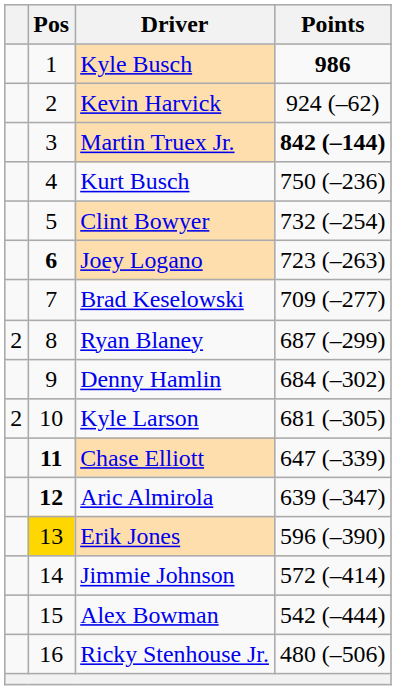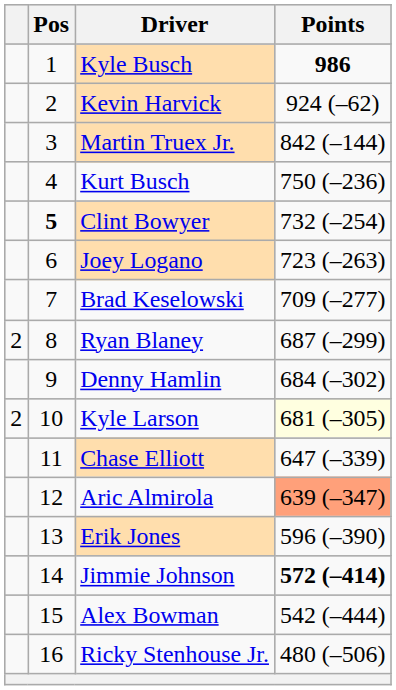 <table class="wikitable" style="font-size: 95%">
 <tr>
 <th></th>
 <th>Pos</th>
 <th>Driver</th>
 <th>Points</th>
 </tr>
 <tr>
 <td align="left"></td>
 <td style="text-align:center;">1</td>
 <td style="background:#FFDEAD;"><a href='#'>Kyle Busch</a></td>
 <td style="text-align:center;"><strong>986</strong></td>
 </tr>
 <tr>
 <td align="left"></td>
 <td style="text-align:center;">2</td>
 <td style="background:#FFDEAD;"><a href='#'>Kevin Harvick</a></td>
 <td style="text-align:center;">924 (–62)</td>
 </tr>
 <tr>
 <td align="left"></td>
 <td style="text-align:center;">3</td>
 <td style="background:#FFDEAD;"><a href='#'>Martin Truex Jr.</a></td>
-<td style="text-align:center;"><strong>842 (–144)</strong></td>
+<td style="text-align:center;">842 (–144)</td>
 </tr>
 <tr>
 <td align="left"></td>
 <td style="text-align:center;">4</td>
 <td><a href='#'>Kurt Busch</a></td>
 <td style="text-align:center;">750 (–236)</td>
 </tr>
 <tr>
 <td align="left"></td>
-<td style="text-align:center;">5</td>
+<td style="text-align:center;"><strong>5</strong></td>
 <td style="background:#FFDEAD;"><a href='#'>Clint Bowyer</a></td>
 <td style="text-align:center;">732 (–254)</td>
 </tr>
 <tr>
 <td align="left"></td>
-<td style="text-align:center;"><strong>6</strong></td>
+<td style="text-align:center;">6</td>
 <td style="background:#FFDEAD;"><a href='#'>Joey Logano</a></td>
 <td style="text-align:center;">723 (–263)</td>
 </tr>
 <tr>
 <td align="left"></td>
 <td style="text-align:center;">7</td>
 <td><a href='#'>Brad Keselowski</a></td>
 <td style="text-align:center;">709 (–277)</td>
 </tr>
 <tr>
 <td align="left"> 2</td>
 <td style="text-align:center;">8</td>
 <td><a href='#'>Ryan Blaney</a></td>
 <td style="text-align:center;">687 (–299)</td>
 </tr>
 <tr>
 <td align="left"></td>
 <td style="text-align:center;">9</td>
 <td><a href='#'>Denny Hamlin</a></td>
 <td style="text-align:center;">684 (–302)</td>
 </tr>
 <tr>
 <td align="left"> 2</td>
 <td style="text-align:center;">10</td>
 <td><a href='#'>Kyle Larson</a></td>
-<td style="text-align:center;">681 (–305)</td>
+<td style="background: lightyellow; text-align:center;">681 (–305)</td>
 </tr>
 <tr>
 <td align="left"></td>
-<td style="text-align:center;"><strong>11</strong></td>
+<td style="text-align:center;">11</td>
 <td style="background:#FFDEAD;"><a href='#'>Chase Elliott</a></td>
 <td style="text-align:center;">647 (–339)</td>
 </tr>
 <tr>
 <td align="left"></td>
-<td style="text-align:center;"><strong>12</strong></td>
+<td style="text-align:center;">12</td>
 <td><a href='#'>Aric Almirola</a></td>
-<td style="text-align:center;">639 (–347)</td>
+<td style="background: lightsalmon; text-align:center;">639 (–347)</td>
 </tr>
 <tr>
 <td align="left"></td>
-<td style="background: gold; text-align:center;">13</td>
+<td style="text-align:center;">13</td>
 <td style="background:#FFDEAD;"><a href='#'>Erik Jones</a></td>
 <td style="text-align:center;">596 (–390)</td>
 </tr>
 <tr>
 <td align="left"></td>
 <td style="text-align:center;">14</td>
 <td><a href='#'>Jimmie Johnson</a></td>
-<td style="text-align:center;">572 (–414)</td>
+<td style="text-align:center;"><strong>572 (–414)</strong></td>
 </tr>
 <tr>
 <td align="left"></td>
 <td style="text-align:center;">15</td>
 <td><a href='#'>Alex Bowman</a></td>
 <td style="text-align:center;">542 (–444)</td>
 </tr>
 <tr>
 <td align="left"></td>
 <td style="text-align:center;">16</td>
 <td><a href='#'>Ricky Stenhouse Jr.</a></td>
 <td style="text-align:center;">480 (–506)</td>
 </tr>
 <tr class="sortbottom">
 <th colspan="9"></th>
 </tr>
 </table>
